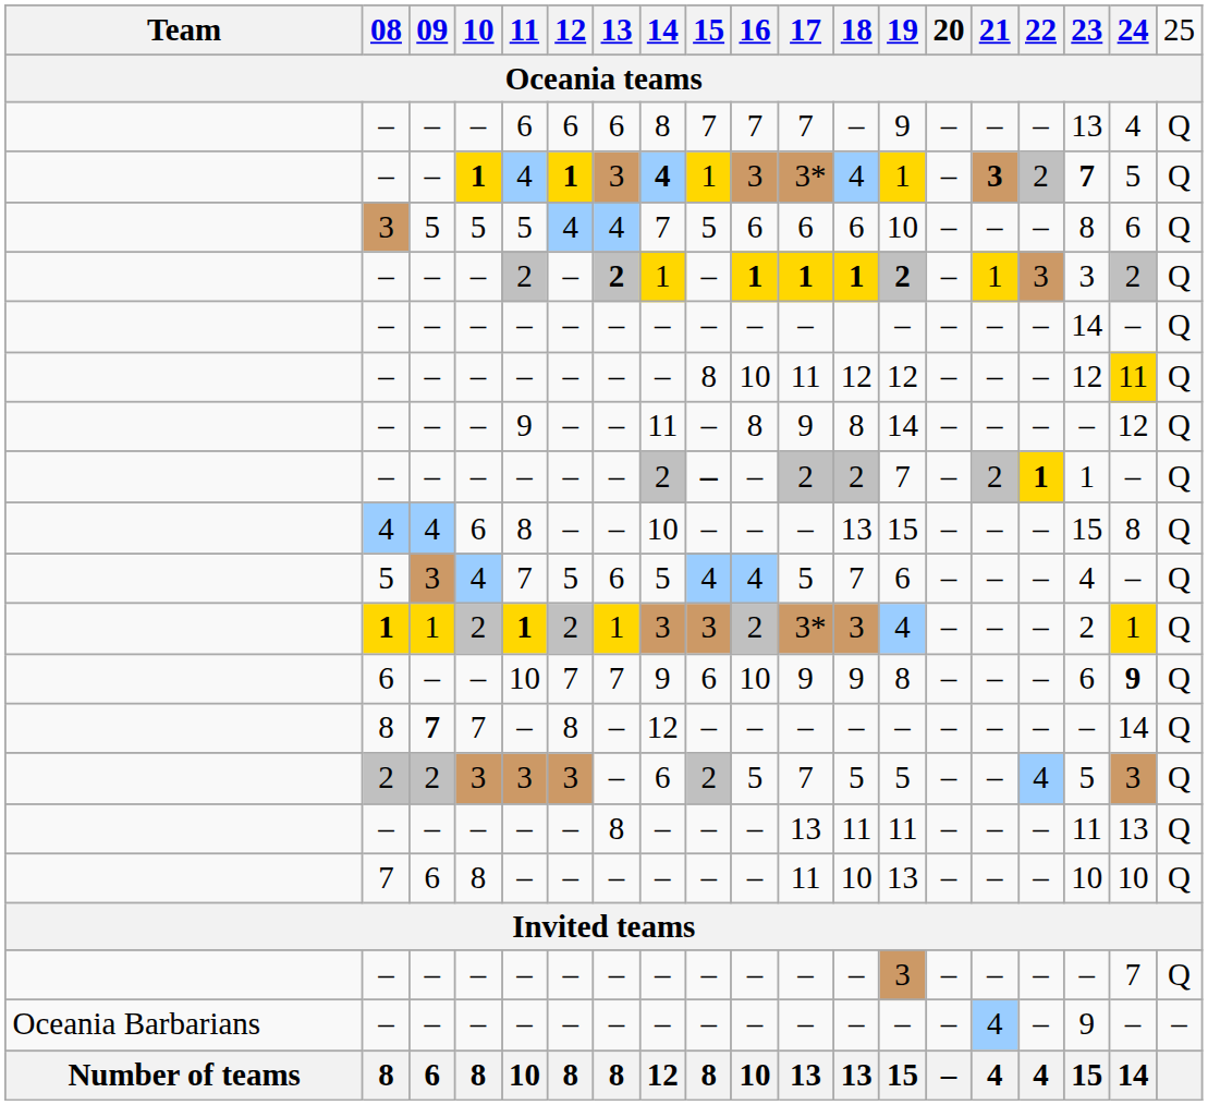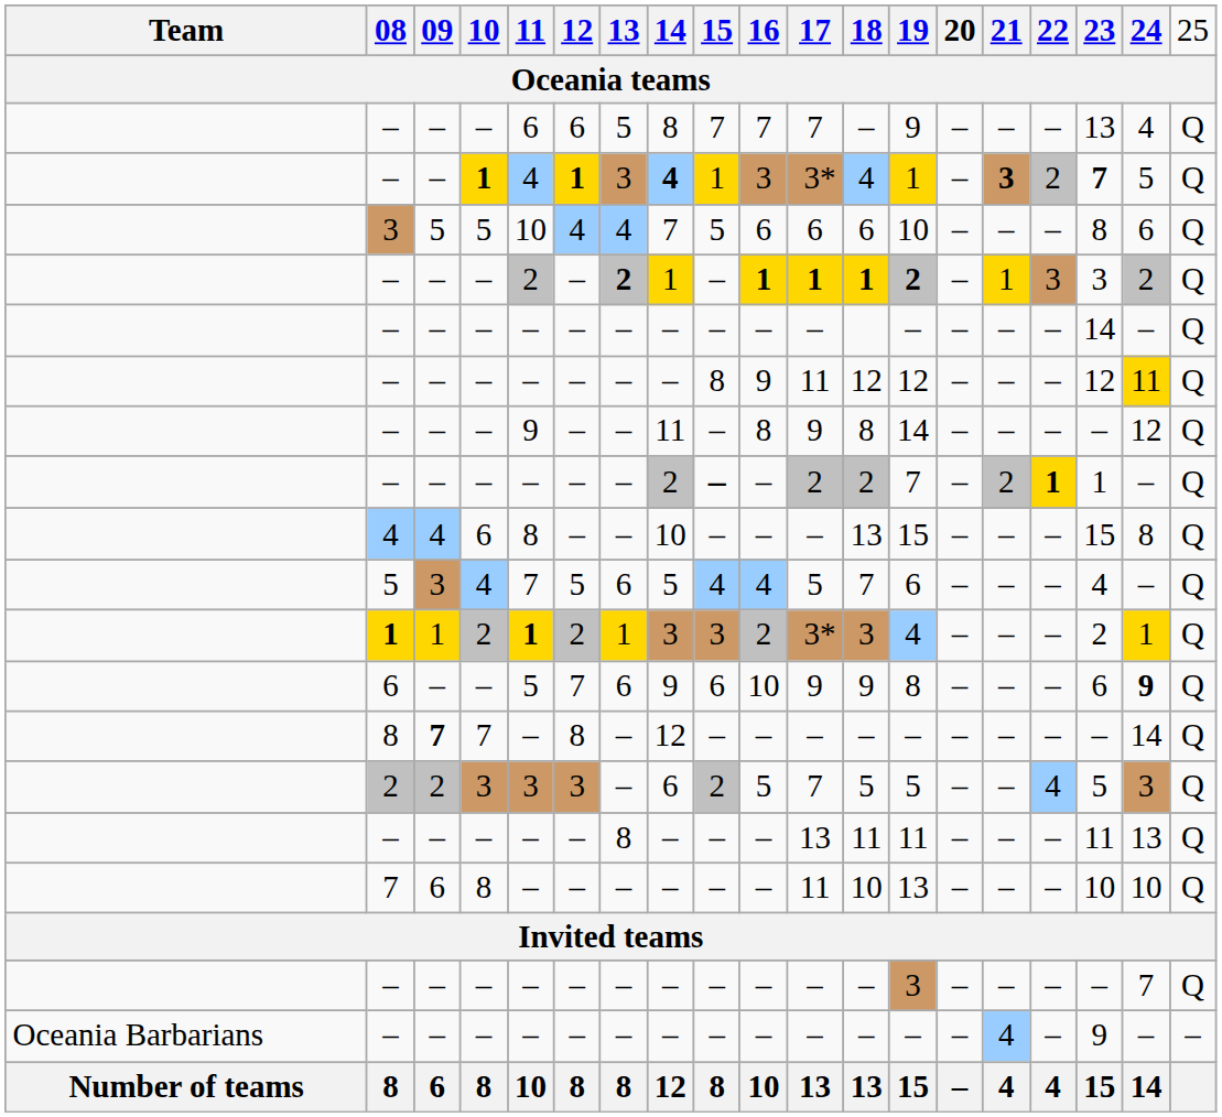 <table class="wikitable" style="text-align:center;">
 <tr>
 <th style="width:11em;">Team</th>
 <th><a href='#'>08</a></th>
 <th><a href='#'>09</a></th>
 <th><a href='#'>10</a></th>
 <th><a href='#'>11</a></th>
 <th><a href='#'>12</a></th>
 <th><a href='#'>13</a></th>
 <th><a href='#'>14</a></th>
 <th><a href='#'>15</a></th>
 <th><a href='#'>16</a></th>
 <th><a href='#'>17</a></th>
 <th><a href='#'>18</a></th>
 <th><a href='#'>19</a></th>
 <th>20</th>
 <th><a href='#'>21</a></th>
 <th><a href='#'>22</a></th>
 <th><a href='#'>23</a></th>
 <th><a href='#'>24</a></th>
 <td>25</td>
 </tr>
 <tr>
 <th colspan=100% style="text-align:center; line-height:1;">Oceania teams</th>
 </tr>
 <tr>
 <td align=left></td>
 <td> –</td>
 <td> –</td>
 <td> –</td>
 <td> 6</td>
 <td> 6</td>
-<td> 6</td>
+<td> 5</td>
 <td> 8</td>
 <td> 7</td>
 <td> 7</td>
 <td> 7</td>
 <td> –</td>
 <td> 9</td>
 <td> –</td>
 <td>–</td>
 <td> –</td>
 <td>13</td>
 <td> 4</td>
 <td>Q</td>
 </tr>
 <tr>
 <td align=left></td>
 <td> –</td>
 <td> –</td>
 <td style="background-color:#ffd700; font-weight:bold;">1</td>
 <td style="background-color:#9acdff;">4</td>
 <td style="background-color:#ffd700; font-weight:bold;">1</td>
 <td style="background-color:#cc9966;">3</td>
 <td style="background-color:#9acdff; font-weight:bold;">4</td>
 <td style="background-color:#ffd700;">1</td>
 <td style="background-color:#cc9966;">3</td>
 <td style="background-color:#cc9966;padding-left:0.5em;">3*</td>
 <td style="background-color:#9acdff;">4</td>
 <td style="background-color:#ffd700;">1</td>
 <td> –</td>
 <td style="background-color:#cc9966; font-weight:bold;">3</td>
 <td style="background-color:#c0c0c0;">2</td>
 <td><strong>7</strong></td>
 <td>5</td>
 <td>Q</td>
 </tr>
 <tr>
 <td align=left></td>
 <td style="background-color:#cc9966;">3</td>
 <td> 5</td>
 <td> 5</td>
-<td> 5</td>
+<td> 10</td>
 <td style="background-color:#9acdff;">4</td>
 <td style="background-color:#9acdff;">4</td>
 <td> 7</td>
 <td> 5</td>
 <td> 6</td>
 <td>  6</td>
 <td>  6</td>
 <td> 10</td>
 <td> –</td>
 <td>–</td>
 <td> –</td>
 <td>8</td>
 <td>6</td>
 <td>Q</td>
 </tr>
 <tr>
 <td align=left></td>
 <td> –</td>
 <td> –</td>
 <td> –</td>
 <td style="background-color:#c0c0c0;">2</td>
 <td> –</td>
 <td style="background-color:#c0c0c0; font-weight:bold;">2</td>
 <td style="background-color:#ffd700;">1</td>
 <td> –</td>
 <td style="background-color:#ffd700; font-weight:bold;">1</td>
 <td style="background-color:#ffd700; font-weight:bold;">1</td>
 <td style="background-color:#ffd700; font-weight:bold;">1</td>
 <td style="background-color:#c0c0c0; font-weight:bold;">2</td>
 <td> –</td>
 <td style="background-color:#ffd700;">1</td>
 <td style="background-color:#cc9966;">3</td>
 <td>3</td>
 <td style="background-color:#c0c0c0;">2</td>
 <td>Q</td>
 </tr>
 <tr>
 <td align=left></td>
 <td> –</td>
 <td> –</td>
 <td> –</td>
 <td> –</td>
 <td> –</td>
 <td> –</td>
 <td> –</td>
 <td> –</td>
 <td> –</td>
 <td> –</td>
 <td></td>
 <td> –</td>
 <td> –</td>
 <td>–</td>
 <td> –</td>
 <td>14</td>
 <td> –</td>
 <td>Q</td>
 </tr>
 <tr>
 <td align=left></td>
 <td> –</td>
 <td> –</td>
 <td> –</td>
 <td> –</td>
 <td> –</td>
 <td> –</td>
 <td> –</td>
 <td> 8</td>
-<td> 10</td>
+<td> 9</td>
 <td> 11</td>
 <td> 12</td>
 <td> 12</td>
 <td> –</td>
 <td>–</td>
 <td> –</td>
 <td>12</td>
 <td style="background: gold;"> 11</td>
 <td>Q</td>
 </tr>
 <tr>
 <td align=left></td>
 <td> –</td>
 <td> –</td>
 <td> –</td>
 <td> 9</td>
 <td> –</td>
 <td> –</td>
 <td> 11</td>
 <td> –</td>
 <td> 8</td>
 <td> 9</td>
 <td> 8</td>
 <td> 14</td>
 <td> –</td>
 <td>–</td>
 <td> –</td>
 <td>–</td>
 <td> 12</td>
 <td>Q</td>
 </tr>
 <tr>
 <td align=left></td>
 <td> –</td>
 <td> –</td>
 <td> –</td>
 <td> –</td>
 <td> –</td>
 <td> –</td>
 <td style="background-color:#c0c0c0;">2</td>
 <td style="font-size:110%;font-weight:bold;padding:2px;">–</td>
 <td> –</td>
 <td style="background-color:#c0c0c0;">2</td>
 <td style="background-color:#c0c0c0;">2</td>
 <td> 7</td>
 <td> –</td>
 <td style="background-color:#c0c0c0;">2</td>
 <td style="background-color:#ffd700; font-weight:bold;">1</td>
 <td>1</td>
 <td> –</td>
 <td>Q</td>
 </tr>
 <tr>
 <td align=left></td>
 <td style="background-color:#9acdff;">4</td>
 <td style="background-color:#9acdff;">4</td>
 <td> 6</td>
 <td> 8</td>
 <td> –</td>
 <td> –</td>
 <td> 10</td>
 <td> –</td>
 <td> –</td>
 <td> –</td>
 <td> 13</td>
 <td> 15</td>
 <td> –</td>
 <td>–</td>
 <td> –</td>
 <td>15</td>
 <td> 8</td>
 <td>Q</td>
 </tr>
 <tr>
 <td align=left></td>
 <td> 5</td>
 <td style="background-color:#cc9966;">3</td>
 <td style="background-color:#9acdff;">4</td>
 <td> 7</td>
 <td> 5</td>
 <td> 6</td>
 <td> 5</td>
 <td style="background-color:#9acdff;">4</td>
 <td style="background-color:#9acdff;">4</td>
 <td> 5</td>
 <td> 7</td>
 <td> 6</td>
 <td> –</td>
 <td>–</td>
 <td> –</td>
 <td>4</td>
 <td> –</td>
 <td>Q</td>
 </tr>
 <tr>
 <td align=left></td>
 <td style="background-color:#ffd700; font-weight:bold;">1</td>
 <td style="background-color:#ffd700;">1</td>
 <td style="background-color:#c0c0c0;">2</td>
 <td style="background-color:#ffd700; font-weight:bold;">1</td>
 <td style="background-color:#c0c0c0;">2</td>
 <td style="background-color:#ffd700;">1</td>
 <td style="background-color:#cc9966;">3</td>
 <td style="background-color:#cc9966;">3</td>
 <td style="background-color:#c0c0c0;">2</td>
 <td style="background-color:#cc9966;padding-left:0.5em;">3*</td>
 <td style="background-color:#cc9966;">3</td>
 <td style="background-color:#9acdff;">4</td>
 <td> –</td>
 <td>–</td>
 <td> –</td>
 <td>2</td>
 <td style="background-color:#ffd700">1</td>
 <td>Q</td>
 </tr>
 <tr>
 <td align=left></td>
 <td> 6</td>
 <td> –</td>
 <td> –</td>
-<td> 10</td>
+<td> 5</td>
 <td> 7</td>
-<td> 7</td>
+<td> 6</td>
 <td> 9</td>
 <td> 6</td>
 <td> 10</td>
 <td> 9</td>
 <td> 9</td>
 <td> 8</td>
 <td> –</td>
 <td>–</td>
 <td> –</td>
 <td>6</td>
 <td><strong>9</strong></td>
 <td>Q</td>
 </tr>
 <tr>
 <td align=left></td>
 <td> 8</td>
 <td><strong>7</strong></td>
 <td> 7</td>
 <td> –</td>
 <td> 8</td>
 <td> –</td>
 <td> 12</td>
 <td> –</td>
 <td> –</td>
 <td> –</td>
 <td> –</td>
 <td> –</td>
 <td> –</td>
 <td>–</td>
 <td> –</td>
 <td>–</td>
 <td>14</td>
 <td>Q</td>
 </tr>
 <tr>
 <td align=left></td>
 <td style="background-color:#c0c0c0;">2</td>
 <td style="background-color:#c0c0c0;">2</td>
 <td style="background-color:#cc9966;">3</td>
 <td style="background-color:#cc9966;">3</td>
 <td style="background-color:#cc9966;">3</td>
 <td> –</td>
 <td> 6</td>
 <td style="background-color:#c0c0c0;">2</td>
 <td> 5</td>
 <td> 7</td>
 <td> 5</td>
 <td> 5</td>
 <td> –</td>
 <td> –</td>
 <td style="background-color:#9acdff;">4</td>
 <td>5</td>
 <td style="background-color:#cc9966;"> 3</td>
 <td> Q</td>
 </tr>
 <tr>
 <td align=left></td>
 <td> –</td>
 <td> –</td>
 <td> –</td>
 <td> –</td>
 <td> –</td>
 <td> 8</td>
 <td> –</td>
 <td> –</td>
 <td> –</td>
 <td> 13</td>
 <td> 11</td>
 <td> 11</td>
 <td> –</td>
 <td>–</td>
 <td> –</td>
 <td>11</td>
 <td> 13</td>
 <td>Q</td>
 </tr>
 <tr>
 <td align=left></td>
 <td> 7</td>
 <td> 6</td>
 <td> 8</td>
 <td> –</td>
 <td> –</td>
 <td> –</td>
 <td> –</td>
 <td> –</td>
 <td> –</td>
 <td> 11</td>
 <td> 10</td>
 <td> 13</td>
 <td> –</td>
 <td>–</td>
 <td> –</td>
 <td>10</td>
 <td> 10</td>
 <td>Q</td>
 </tr>
 <tr>
 <th colspan=100% style="text-align:center; line-height:1;">Invited teams</th>
 </tr>
 <tr>
 <td align=left></td>
 <td> –</td>
 <td> –</td>
 <td> –</td>
 <td> –</td>
 <td> –</td>
 <td> –</td>
 <td> –</td>
 <td> –</td>
 <td> –</td>
 <td> –</td>
 <td> –</td>
 <td style="background-color:#cc9966;">3</td>
 <td> –</td>
 <td>–</td>
 <td> –</td>
 <td>–</td>
 <td> 7</td>
 <td>Q</td>
 </tr>
 <tr>
 <td align=left>Oceania Barbarians</td>
 <td> –</td>
 <td> –</td>
 <td> –</td>
 <td> –</td>
 <td> –</td>
 <td> –</td>
 <td> –</td>
 <td> –</td>
 <td> –</td>
 <td> –</td>
 <td> –</td>
 <td> –</td>
 <td> –</td>
 <td style="background-color:#9acdff;">4</td>
 <td> –</td>
 <td>9</td>
 <td> –</td>
 <td> –</td>
 </tr>
 <tr>
 <th>Number of teams</th>
 <th>8</th>
 <th>6</th>
 <th> 8</th>
 <th>10</th>
 <th> 8</th>
 <th>8</th>
 <th>12</th>
 <th> 8</th>
 <th>10</th>
 <th> 13</th>
 <th>13</th>
 <th>15</th>
 <th>–</th>
 <th> 4</th>
 <th> 4</th>
 <th>15</th>
 <th>14</th>
 <th></th>
 </tr>
 </table>
